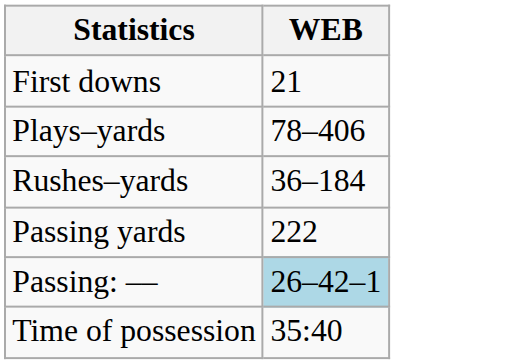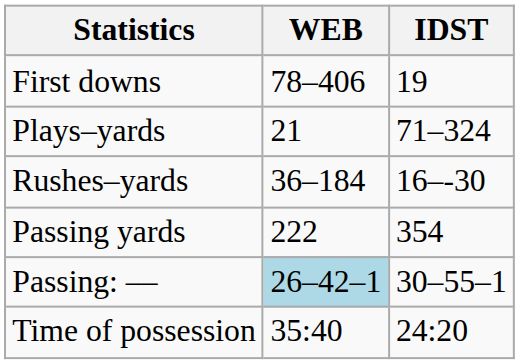 <table class="wikitable" style="float:left">
 <tr>
 <th>Statistics</th>
 <th>WEB</th>
+<th>IDST</th>
 </tr>
 <tr>
 <td>First downs</td>
-<td>21</td>
+<td>78–406</td>
+<td>19</td>
 </tr>
 <tr>
 <td>Plays–yards</td>
-<td>78–406</td>
+<td>21</td>
+<td>71–324</td>
 </tr>
 <tr>
 <td>Rushes–yards</td>
 <td>36–184</td>
+<td>16–-30</td>
 </tr>
 <tr>
 <td>Passing yards</td>
 <td>222</td>
+<td>354</td>
 </tr>
 <tr>
 <td>Passing: ––</td>
 <td style="background: lightblue;">26–42–1</td>
+<td>30–55–1</td>
 </tr>
 <tr>
 <td>Time of possession</td>
 <td>35:40</td>
+<td>24:20</td>
 </tr>
 </table>
